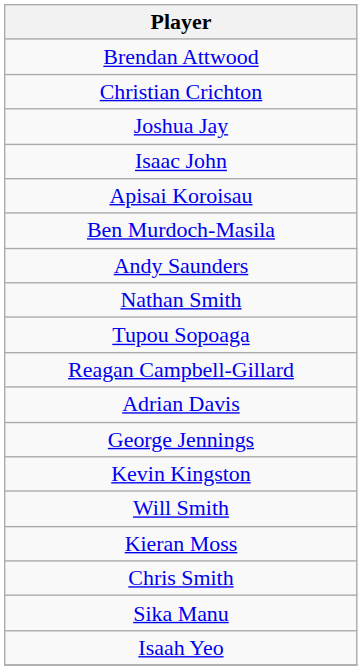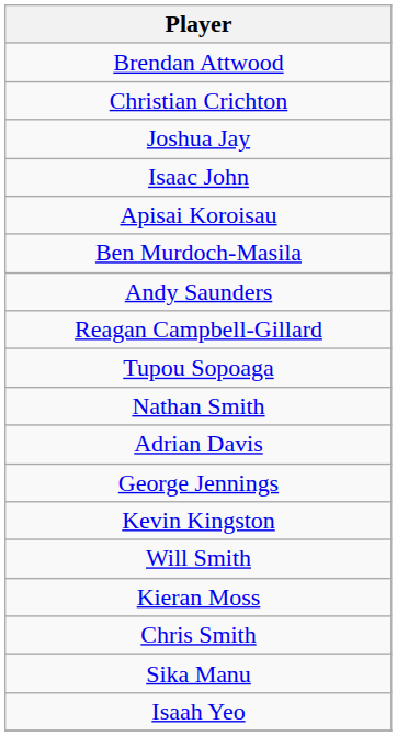 <table class="wikitable" style="text-align: center;">
 <tr>
 <th style="width:250px;">Player</th>
 </tr>
 <tr>
 <td><a href='#'>Brendan Attwood</a></td>
 </tr>
 <tr>
 <td><a href='#'>Christian Crichton</a></td>
 </tr>
 <tr>
 <td><a href='#'>Joshua Jay</a></td>
 </tr>
 <tr>
 <td><a href='#'>Isaac John</a></td>
 </tr>
 <tr>
 <td><a href='#'>Apisai Koroisau</a></td>
 </tr>
 <tr>
 <td><a href='#'>Ben Murdoch-Masila</a></td>
 </tr>
 <tr>
 <td><a href='#'>Andy Saunders</a></td>
 </tr>
 <tr>
-<td><a href='#'>Nathan Smith</a></td>
+<td><a href='#'>Reagan Campbell-Gillard</a></td>
 </tr>
 <tr>
 <td><a href='#'>Tupou Sopoaga</a></td>
 </tr>
 <tr>
-<td><a href='#'>Reagan Campbell-Gillard</a></td>
+<td><a href='#'>Nathan Smith</a></td>
 </tr>
 <tr>
 <td><a href='#'>Adrian Davis</a></td>
 </tr>
 <tr>
 <td><a href='#'>George Jennings</a></td>
 </tr>
 <tr>
 <td><a href='#'>Kevin Kingston</a></td>
 </tr>
 <tr>
 <td><a href='#'>Will Smith</a></td>
 </tr>
 <tr>
 <td><a href='#'>Kieran Moss</a></td>
 </tr>
 <tr>
 <td><a href='#'>Chris Smith</a></td>
 </tr>
 <tr>
 <td><a href='#'>Sika Manu</a></td>
 </tr>
 <tr>
 <td><a href='#'>Isaah Yeo</a></td>
 </tr>
 <tr>
 </tr>
 </table>
